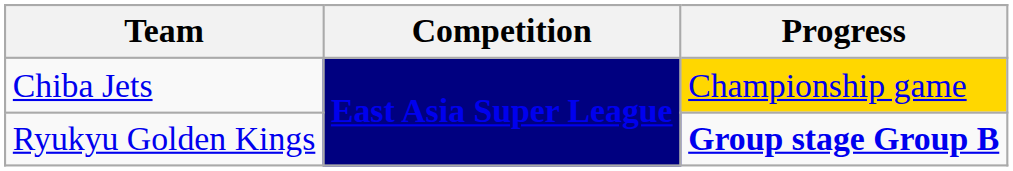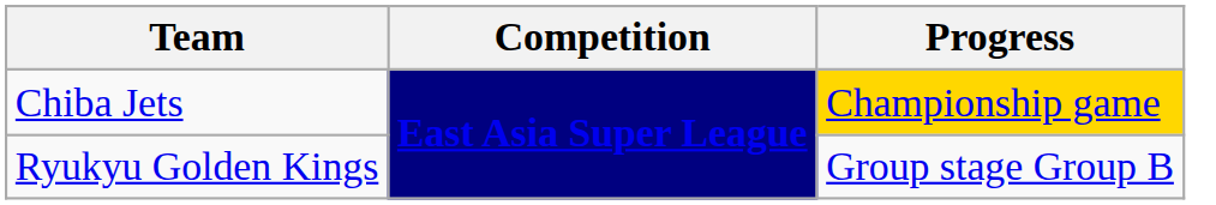 <table class="wikitable sortable">
 <tr>
 <th>Team</th>
 <th>Competition</th>
 <th>Progress</th>
 </tr>
 <tr>
 <td><a href='#'>Chiba Jets</a></td>
 <td rowspan="2" style="background-color:#000080;color:white;text-align:center"><strong><a href='#'><span>East Asia Super League</span></a></strong></td>
 <td style="background-color:gold"><a href='#'>Championship game</a></td>
 </tr>
 <tr>
 <td><a href='#'>Ryukyu Golden Kings</a></td>
-<td><strong><a href='#'>Group stage Group B</a></strong></td>
+<td><a href='#'>Group stage Group B</a></td>
 </tr>
 </table>
